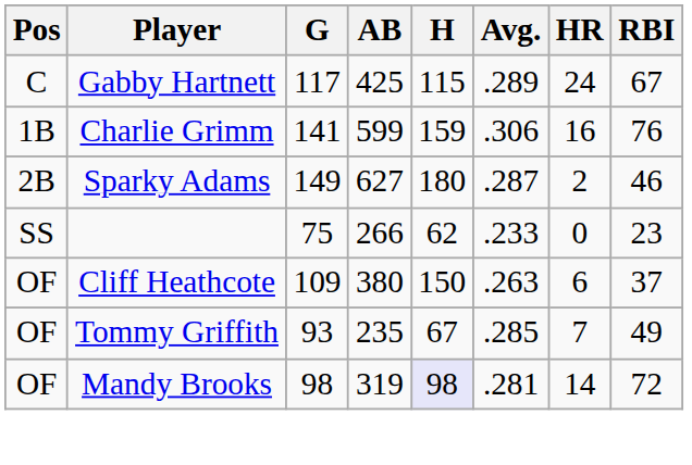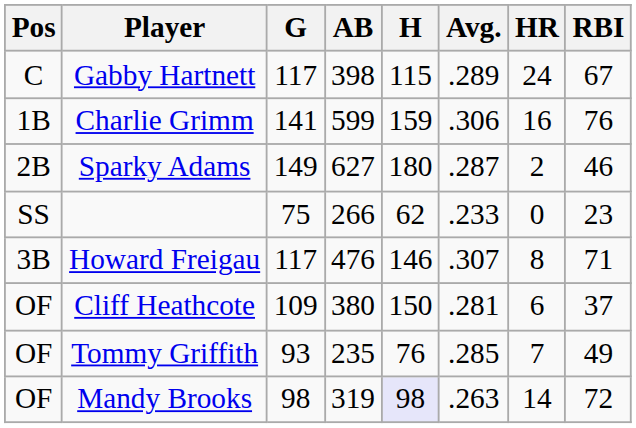 <table class="wikitable sortable" style="text-align:center;">
 <tr>
 <th>Pos</th>
 <th>Player</th>
 <th>G</th>
 <th>AB</th>
 <th>H</th>
 <th>Avg.</th>
 <th>HR</th>
 <th>RBI</th>
 </tr>
 <tr>
 <td>C</td>
 <td><a href='#'>Gabby Hartnett</a></td>
 <td>117</td>
-<td>425</td>
+<td>398</td>
 <td>115</td>
 <td>.289</td>
 <td>24</td>
 <td>67</td>
 </tr>
 <tr>
 <td>1B</td>
 <td><a href='#'>Charlie Grimm</a></td>
 <td>141</td>
 <td>599</td>
 <td>159</td>
 <td>.306</td>
 <td>16</td>
 <td>76</td>
 </tr>
 <tr>
 <td>2B</td>
 <td><a href='#'>Sparky Adams</a></td>
 <td>149</td>
 <td>627</td>
 <td>180</td>
 <td>.287</td>
 <td>2</td>
 <td>46</td>
 </tr>
 <tr>
 <td>SS</td>
 <td></td>
 <td>75</td>
 <td>266</td>
 <td>62</td>
 <td>.233</td>
 <td>0</td>
 <td>23</td>
 </tr>
 <tr>
+<td>3B</td>
+<td><a href='#'>Howard Freigau</a></td>
+<td>117</td>
+<td>476</td>
+<td>146</td>
+<td>.307</td>
+<td>8</td>
+<td>71</td>
+</tr>
+<tr>
 <td>OF</td>
 <td><a href='#'>Cliff Heathcote</a></td>
 <td>109</td>
 <td>380</td>
 <td>150</td>
-<td>.263</td>
+<td>.281</td>
 <td>6</td>
 <td>37</td>
 </tr>
 <tr>
 <td>OF</td>
 <td><a href='#'>Tommy Griffith</a></td>
 <td>93</td>
 <td>235</td>
-<td>67</td>
+<td>76</td>
 <td>.285</td>
 <td>7</td>
 <td>49</td>
 </tr>
 <tr>
 <td>OF</td>
 <td><a href='#'>Mandy Brooks</a></td>
 <td>98</td>
 <td>319</td>
 <td style="background: lavender;">98</td>
-<td>.281</td>
+<td>.263</td>
 <td>14</td>
 <td>72</td>
 </tr>
 </table>
